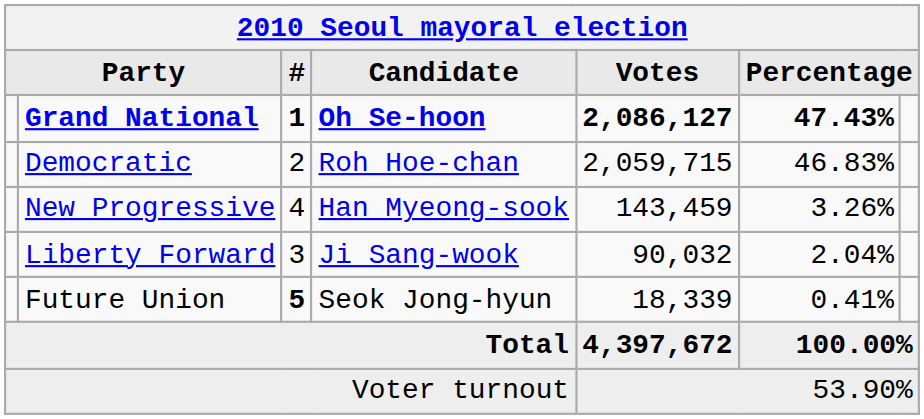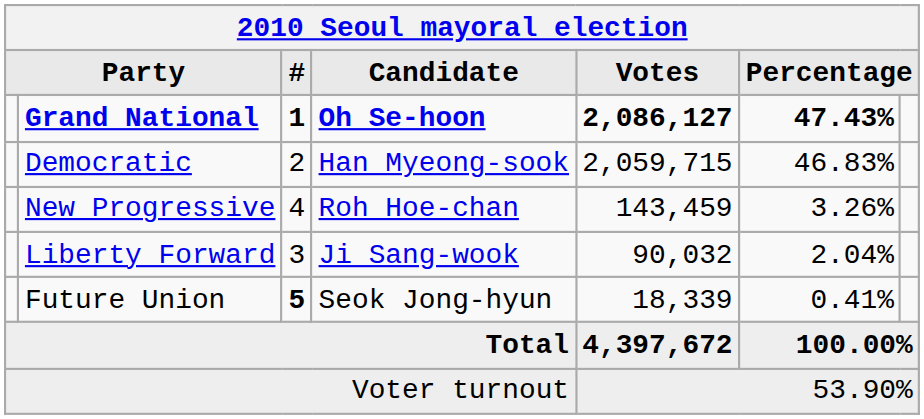 <table class="wikitable">
 <tr>
 <th colspan="7"><a href='#'>2010 Seoul mayoral election</a></th>
 </tr>
 <tr>
 <th style="background-color:#E9E9E9" colspan=2>Party</th>
 <th style="background-color:#E9E9E9">#</th>
 <th style="background-color:#E9E9E9">Candidate</th>
 <th style="background-color:#E9E9E9">Votes</th>
 <th style="background-color:#E9E9E9" colspan=2>Percentage</th>
 </tr>
 <tr style="font-weight:bold">
 <td></td>
 <td align=left><a href='#'>Grand National</a></td>
 <td align=center>1</td>
 <td align=left><a href='#'>Oh Se-hoon</a></td>
 <td align=right>2,086,127</td>
 <td align=right>47.43%</td>
 <td align=right></td>
 </tr>
 <tr>
 <td></td>
 <td align=left><a href='#'>Democratic</a></td>
 <td align=center>2</td>
-<td align=left><a href='#'>Roh Hoe-chan</a></td>
+<td align=left><a href='#'>Han Myeong-sook</a></td>
 <td align=right>2,059,715</td>
 <td align=right>46.83%</td>
 <td align=right></td>
 </tr>
 <tr>
 <td></td>
 <td align=left><a href='#'>New Progressive</a></td>
 <td align=center>4</td>
-<td align=left><a href='#'>Han Myeong-sook</a></td>
+<td align=left><a href='#'>Roh Hoe-chan</a></td>
 <td align=right>143,459</td>
 <td align=right>3.26%</td>
 <td align=right></td>
 </tr>
 <tr>
 <td></td>
 <td align=left><a href='#'>Liberty Forward</a></td>
 <td align=center>3</td>
 <td align=left><a href='#'>Ji Sang-wook</a></td>
 <td align=right>90,032</td>
 <td align=right>2.04%</td>
 <td align=right></td>
 </tr>
 <tr>
 <td></td>
 <td align=left>Future Union</td>
 <td align=center><strong>5</strong></td>
 <td align=left>Seok Jong-hyun</td>
 <td align=right>18,339</td>
 <td align=right>0.41%</td>
 <td align=right></td>
 </tr>
 <tr bgcolor="#EEEEEE" style="font-weight:bold">
 <td colspan="4" align=right>Total</td>
 <td align=right>4,397,672</td>
 <td align=right colspan=2>100.00%</td>
 </tr>
 <tr bgcolor="#EEEEEE">
 <td colspan="4" align="right">Voter turnout</td>
 <td colspan="3" align="right">53.90%</td>
 </tr>
 </table>
